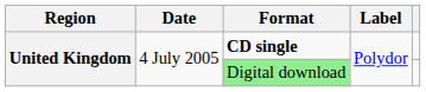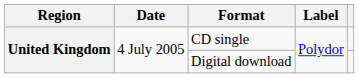 <table class="wikitable plainrowheaders">
 <tr>
 <th>Region</th>
 <th>Date</th>
 <th>Format</th>
 <th>Label</th>
 <th></th>
 </tr>
 <tr>
 <th scope="row" rowspan="2">United Kingdom</th>
 <td rowspan="2">4 July 2005</td>
-<td><strong>CD single</strong></td>
+<td>CD single</td>
 <td rowspan="2"><a href='#'>Polydor</a></td>
 <td></td>
 </tr>
 <tr>
-<td style="background: lightgreen;">Digital download</td>
+<td>Digital download</td>
 <td></td>
 </tr>
 </table>
